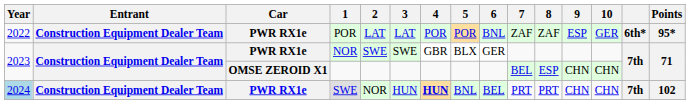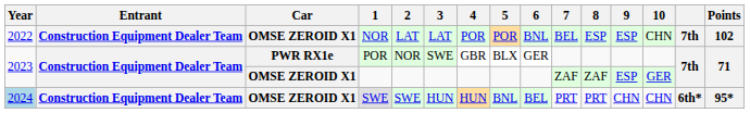 <table class="wikitable" border="1" style="text-align:center; font-size:90%;">
 <tr valign="top">
 <th>Year</th>
 <th>Entrant</th>
 <th>Car</th>
 <th>1</th>
 <th>2</th>
 <th>3</th>
 <th>4</th>
 <th>5</th>
 <th>6</th>
 <th>7</th>
 <th>8</th>
 <th>9</th>
 <th>10</th>
 <th></th>
 <th>Points</th>
 </tr>
 <tr>
 <td><a href='#'>2022</a></td>
 <th><a href='#'>Construction Equipment Dealer Team</a></th>
-<th>PWR RX1e</th>
-<td style="background:#DFFFDF;">POR<br></td>
+<th>OMSE ZEROID X1</th>
+<td style="background:#DFFFDF;"><a href='#'>NOR</a><br></td>
 <td style="background:#DFFFDF;"><a href='#'>LAT</a><br></td>
 <td style="background:#DFFFDF;"><a href='#'>LAT</a><br></td>
 <td style="background:#DFFFDF;"><a href='#'>POR</a><br></td>
 <td style="background:#FFDF9F;"><a href='#'>POR</a><br></td>
 <td style="background:#DFFFDF;"><a href='#'>BNL</a><br></td>
-<td style="background:#DFFFDF;">ZAF<br></td>
-<td style="background:#DFFFDF;">ZAF<br></td>
+<td style="background:#DFFFDF;"><a href='#'>BEL</a><br></td>
 <td style="background:#DFFFDF;"><a href='#'>ESP</a><br></td>
-<td style="background:#DFFFDF;"><a href='#'>GER</a><br></td>
-<th>6th*</th>
-<th>95*</th>
+<td style="background:#DFFFDF;"><a href='#'>ESP</a><br></td>
+<td style="background:#DFFFDF;">CHN<br></td>
+<th>7th</th>
+<th>102</th>
 </tr>
 <tr>
 <td Rowspan=2><a href='#'>2023</a></td>
 <th Rowspan=2><a href='#'>Construction Equipment Dealer Team</a></th>
 <th>PWR RX1e</th>
-<td style="background:#DFFFDF;"><a href='#'>NOR</a><br></td>
-<td style="background:#DFFFDF;"><a href='#'>SWE</a><br></td>
+<td style="background:#DFFFDF;">POR<br></td>
+<td style="background:#DFFFDF;">NOR<br></td>
 <td style="background:#DFFFDF;">SWE<br></td>
 <td style="background:white">GBR<br></td>
 <td style="background:white">BLX<br></td>
 <td style="background:white">GER<br></td>
 <td></td>
 <td></td>
 <td></td>
 <td></td>
 <th Rowspan=2>7th</th>
 <th Rowspan=2>71</th>
 </tr>
 <tr>
 <th>OMSE ZEROID X1</th>
 <td></td>
 <td></td>
 <td></td>
 <td></td>
 <td></td>
 <td></td>
-<td style="background:#DFFFDF;"><a href='#'>BEL</a><br></td>
+<td style="background:#DFFFDF;">ZAF<br></td>
+<td style="background:#DFFFDF;">ZAF<br></td>
 <td style="background:#DFFFDF;"><a href='#'>ESP</a><br></td>
-<td style="background:#DFFFDF;">CHN<br></td>
-<td style="background:#DFFFDF;">CHN<br></td>
+<td style="background:#DFFFDF;"><a href='#'>GER</a><br></td>
 </tr>
 <tr>
 <td style="background: lightblue;"><a href='#'>2024</a></td>
 <th><a href='#'>Construction Equipment Dealer Team</a></th>
-<th><a href='#'>PWR RX1e</a></th>
+<th>OMSE ZEROID X1</th>
 <td style="background:#DFDFDF;"><a href='#'>SWE</a><br></td>
-<td style="background:#DFFFDF;">NOR<br></td>
+<td style="background:#DFFFDF;"><a href='#'>SWE</a><br></td>
 <td style="background:#DFFFDF;"><a href='#'>HUN</a><br></td>
-<td style="background:#FFDF9F;"><strong><a href='#'>HUN</a><br></strong></td>
+<td style="background:#FFDF9F;"><a href='#'>HUN</a><br></td>
 <td style="background:#DFFFDF;"><a href='#'>BNL</a><br></td>
 <td style="background:#DFFFDF;"><a href='#'>BEL</a><br></td>
 <td><a href='#'>PRT</a></td>
 <td><a href='#'>PRT</a></td>
 <td><a href='#'>CHN</a></td>
 <td><a href='#'>CHN</a></td>
-<th>7th</th>
-<th>102</th>
+<th>6th*</th>
+<th>95*</th>
 </tr>
 </table>
